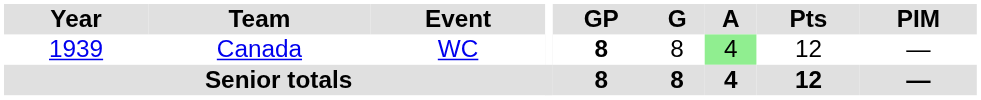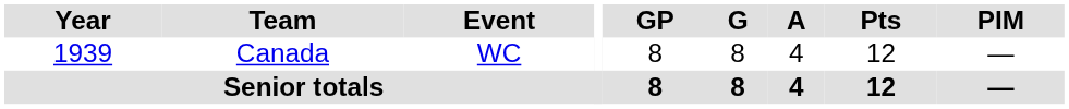 <table border="0" cellpadding="1" cellspacing="0" ID="Table3" style="text-align:center; width:40em">
 <tr bgcolor="#e0e0e0">
 <th>Year</th>
 <th>Team</th>
 <th>Event</th>
 <th rowspan="102" bgcolor="#ffffff"></th>
 <th>GP</th>
 <th>G</th>
 <th>A</th>
 <th>Pts</th>
 <th>PIM</th>
 </tr>
 <tr>
 <td><a href='#'>1939</a></td>
 <td><a href='#'>Canada</a></td>
 <td><a href='#'>WC</a></td>
-<td><strong>8</strong></td>
 <td>8</td>
-<td style="background: lightgreen;">4</td>
+<td>8</td>
+<td>4</td>
 <td>12</td>
 <td>—</td>
 </tr>
 <tr bgcolor="#e0e0e0">
 <th colspan="4">Senior totals</th>
 <th>8</th>
 <th>8</th>
 <th>4</th>
 <th>12</th>
 <th>—</th>
 </tr>
 </table>
